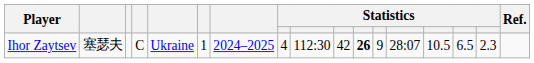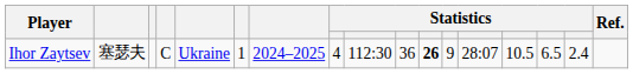 <table class="wikitable sortable" style="font-size:95%; text-align:right;">
 <tr>
 <th rowspan="2">Player</th>
 <th rowspan="2"></th>
 <th rowspan="2"></th>
 <th rowspan="2"></th>
 <th rowspan="2"></th>
 <th rowspan="2"></th>
 <th rowspan="2"></th>
 <th colspan="9">Statistics</th>
 <th rowspan="2">Ref.</th>
 </tr>
 <tr>
 <th></th>
 <th></th>
 <th></th>
 <th></th>
 <th></th>
 <th></th>
 <th></th>
 <th></th>
 <th></th>
 </tr>
 <tr>
 <td align="left"><a href='#'>Ihor Zaytsev</a></td>
 <td align="left">塞瑟夫</td>
 <td align="center"></td>
 <td align="center">C</td>
 <td align="left"><a href='#'>Ukraine</a></td>
 <td align="center">1</td>
 <td align="center"><a href='#'>2024–2025</a></td>
 <td>4</td>
 <td>112:30</td>
-<td>42</td>
+<td>36</td>
 <td><strong>26</strong></td>
 <td>9</td>
 <td>28:07</td>
 <td>10.5</td>
 <td>6.5</td>
-<td>2.3</td>
+<td>2.4</td>
 <td align="center"></td>
 </tr>
 </table>
